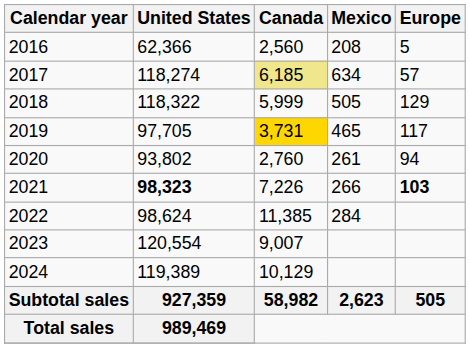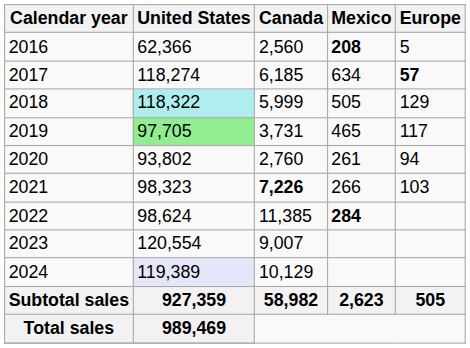 <table class="wikitable">
 <tr>
 <th>Calendar year</th>
 <th>United States</th>
 <th>Canada</th>
 <th>Mexico</th>
 <th>Europe</th>
 </tr>
 <tr>
 <td>2016</td>
 <td>62,366</td>
 <td>2,560</td>
-<td>208</td>
+<td><strong>208</strong></td>
 <td>5</td>
 </tr>
 <tr>
 <td>2017</td>
 <td>118,274</td>
-<td style="background: khaki;">6,185</td>
+<td>6,185</td>
 <td>634</td>
-<td>57</td>
+<td><strong>57</strong></td>
 </tr>
 <tr>
 <td>2018</td>
-<td>118,322</td>
+<td style="background: paleturquoise;">118,322</td>
 <td>5,999</td>
 <td>505</td>
 <td>129</td>
 </tr>
 <tr>
 <td>2019</td>
-<td>97,705</td>
-<td style="background: gold;">3,731</td>
+<td style="background: lightgreen;">97,705</td>
+<td>3,731</td>
 <td>465</td>
 <td>117</td>
 </tr>
 <tr>
 <td>2020</td>
 <td>93,802</td>
 <td>2,760</td>
 <td>261</td>
 <td>94</td>
 </tr>
 <tr>
 <td>2021</td>
-<td><strong>98,323</strong></td>
-<td>7,226</td>
+<td>98,323</td>
+<td><strong>7,226</strong></td>
 <td>266</td>
-<td><strong>103</strong></td>
+<td>103</td>
 </tr>
 <tr>
 <td>2022</td>
 <td>98,624</td>
 <td>11,385</td>
-<td>284</td>
+<td><strong>284</strong></td>
 <td></td>
 </tr>
 <tr>
 <td>2023</td>
 <td>120,554</td>
 <td>9,007</td>
 <td></td>
 <td></td>
 </tr>
 <tr>
 <td>2024</td>
-<td>119,389</td>
+<td style="background: lavender;">119,389</td>
 <td>10,129</td>
 <td></td>
 <td></td>
 </tr>
 <tr>
 <th>Subtotal sales</th>
 <th>927,359</th>
 <th>58,982</th>
 <th>2,623</th>
 <th>505</th>
 </tr>
 <tr>
 <th>Total sales</th>
 <th>989,469</th>
 </tr>
 <tr>
 </tr>
 </table>
